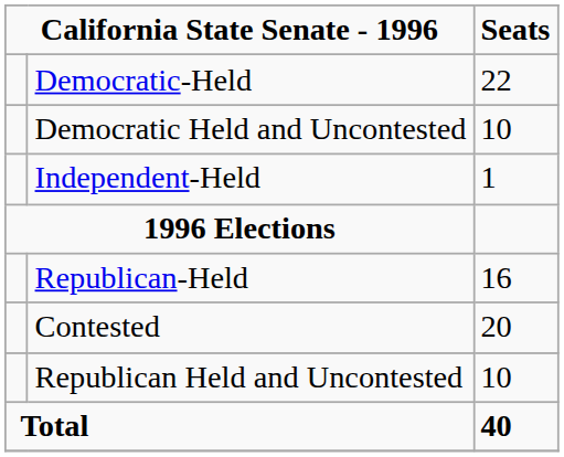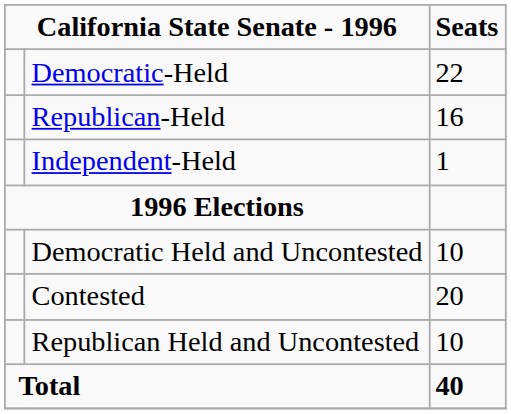 <table class="wikitable">
 <tr>
 <td colspan="2" rowspan="1" align="center" valign="top"><strong>California State Senate - 1996</strong></td>
 <td style="vertical-align:top;"><strong>Seats</strong><br></td>
 </tr>
 <tr>
 <td style="background-color:"> </td>
 <td><a href='#'>Democratic</a>-Held</td>
 <td>22</td>
 </tr>
 <tr>
 <td style="background-color:"> </td>
-<td>Democratic Held and Uncontested</td>
-<td>10</td>
+<td><a href='#'>Republican</a>-Held</td>
+<td>16</td>
 </tr>
 <tr>
 <td style="background-color:"> </td>
 <td><a href='#'>Independent</a>-Held</td>
 <td>1</td>
 </tr>
 <tr>
 <td colspan="2" rowspan="1" align="center"><strong>1996 Elections</strong></td>
 </tr>
 <tr>
 <td style="background-color:"> </td>
-<td><a href='#'>Republican</a>-Held</td>
-<td>16</td>
+<td>Democratic Held and Uncontested</td>
+<td>10</td>
 </tr>
 <tr>
 <td style="background-color:"> </td>
 <td>Contested</td>
 <td>20</td>
 </tr>
 <tr>
 <td style="background-color:"> </td>
 <td>Republican Held and Uncontested</td>
 <td>10</td>
 </tr>
 <tr>
 <td colspan="2" rowspan="1"> <strong>Total</strong><br></td>
 <td><strong>40</strong></td>
 </tr>
 <tr>
 </tr>
 </table>
